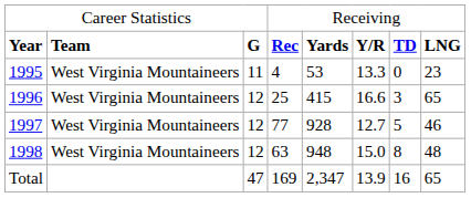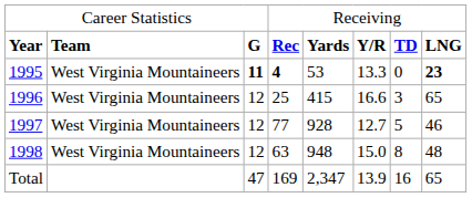 <table class="wikitable" border=0 style="background: #FFFFFF;">
 <tr>
 <td colspan=3 align="center">Career Statistics</td>
 <td colspan=5 align="center">Receiving</td>
 </tr>
 <tr>
 <td><strong>Year</strong></td>
 <td><strong>Team</strong></td>
 <td><strong>G</strong></td>
 <td><strong><a href='#'>Rec</a></strong></td>
 <td><strong>Yards</strong></td>
 <td><strong>Y/R</strong></td>
 <td><strong><a href='#'>TD</a></strong></td>
 <td><strong>LNG</strong></td>
 </tr>
 <tr>
 <td><a href='#'>1995</a></td>
 <td>West Virginia Mountaineers</td>
-<td>11</td>
-<td>4</td>
+<td><strong>11</strong></td>
+<td><strong>4</strong></td>
 <td>53</td>
 <td>13.3</td>
 <td>0</td>
-<td>23</td>
+<td><strong>23</strong></td>
 </tr>
 <tr>
 <td><a href='#'>1996</a></td>
 <td>West Virginia Mountaineers</td>
 <td>12</td>
 <td>25</td>
 <td>415</td>
 <td>16.6</td>
 <td>3</td>
 <td>65</td>
 </tr>
 <tr>
 <td><a href='#'>1997</a></td>
 <td>West Virginia Mountaineers</td>
 <td>12</td>
 <td>77</td>
 <td>928</td>
 <td>12.7</td>
 <td>5</td>
 <td>46</td>
 </tr>
 <tr>
 <td><a href='#'>1998</a></td>
 <td>West Virginia Mountaineers</td>
 <td>12</td>
 <td>63</td>
 <td>948</td>
 <td>15.0</td>
 <td>8</td>
 <td>48</td>
 </tr>
 <tr>
 <td>Total</td>
 <td></td>
 <td>47</td>
 <td>169</td>
 <td>2,347</td>
 <td>13.9</td>
 <td>16</td>
 <td>65</td>
 </tr>
 </table>
